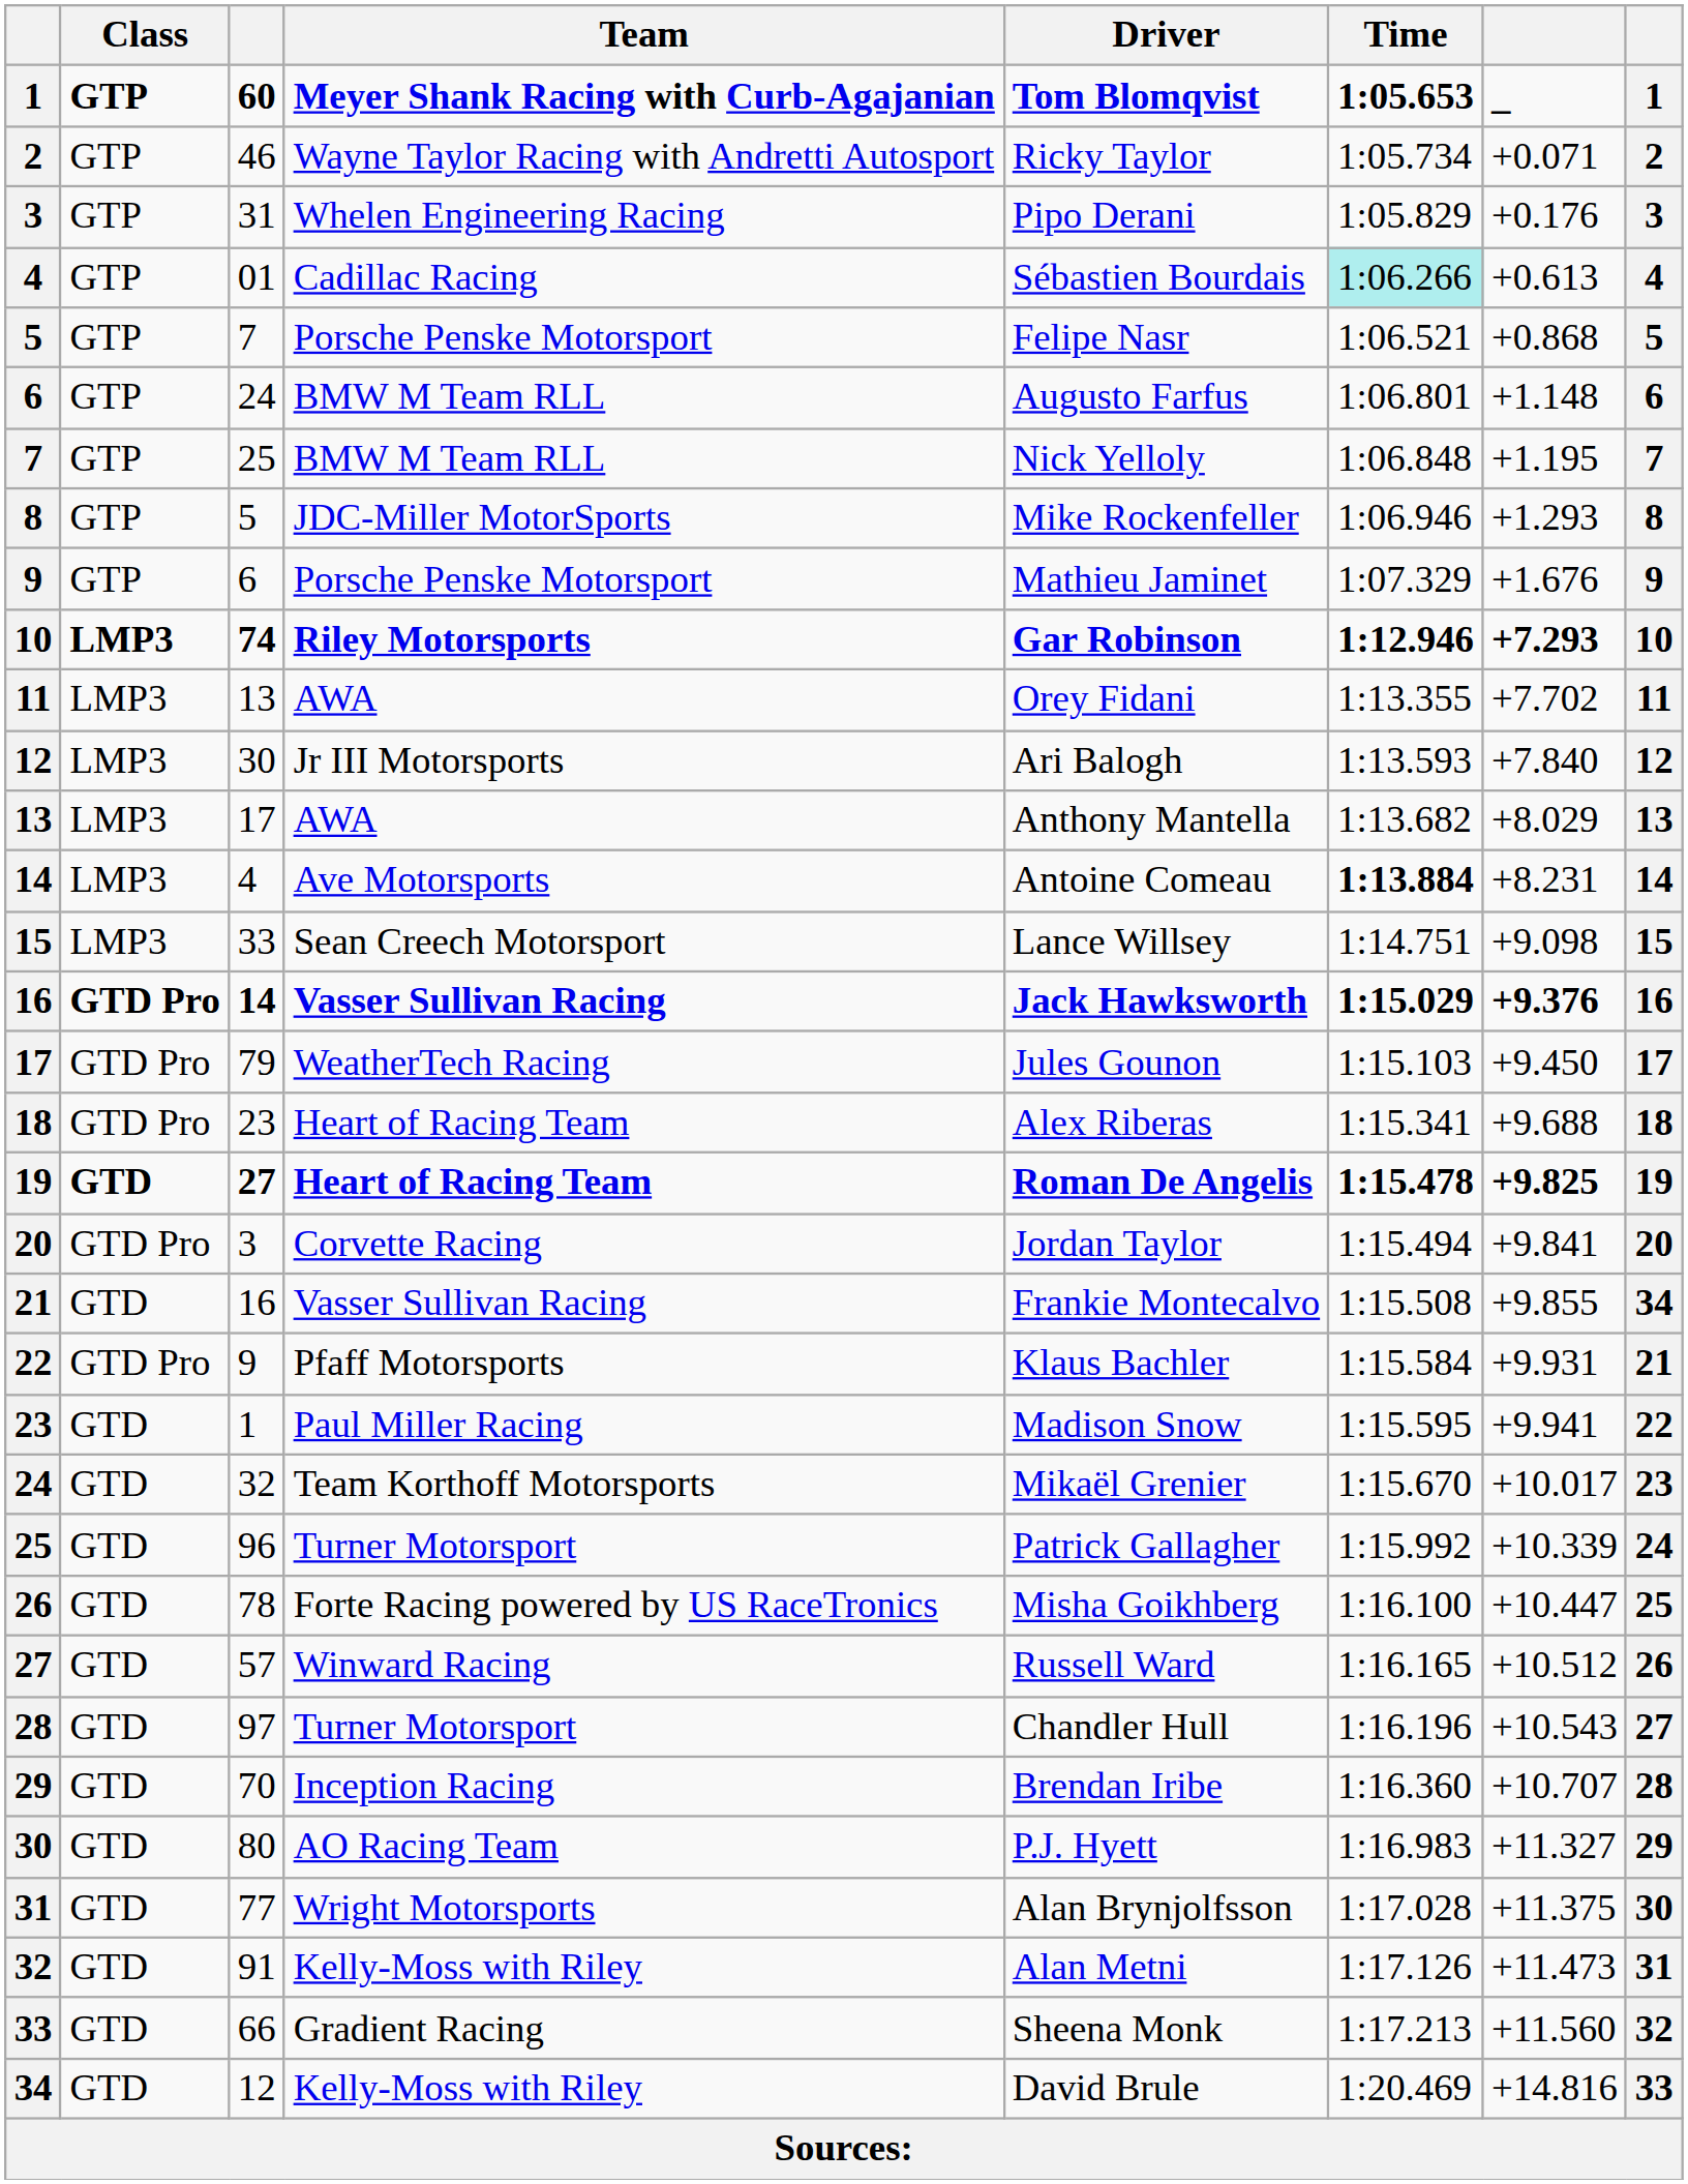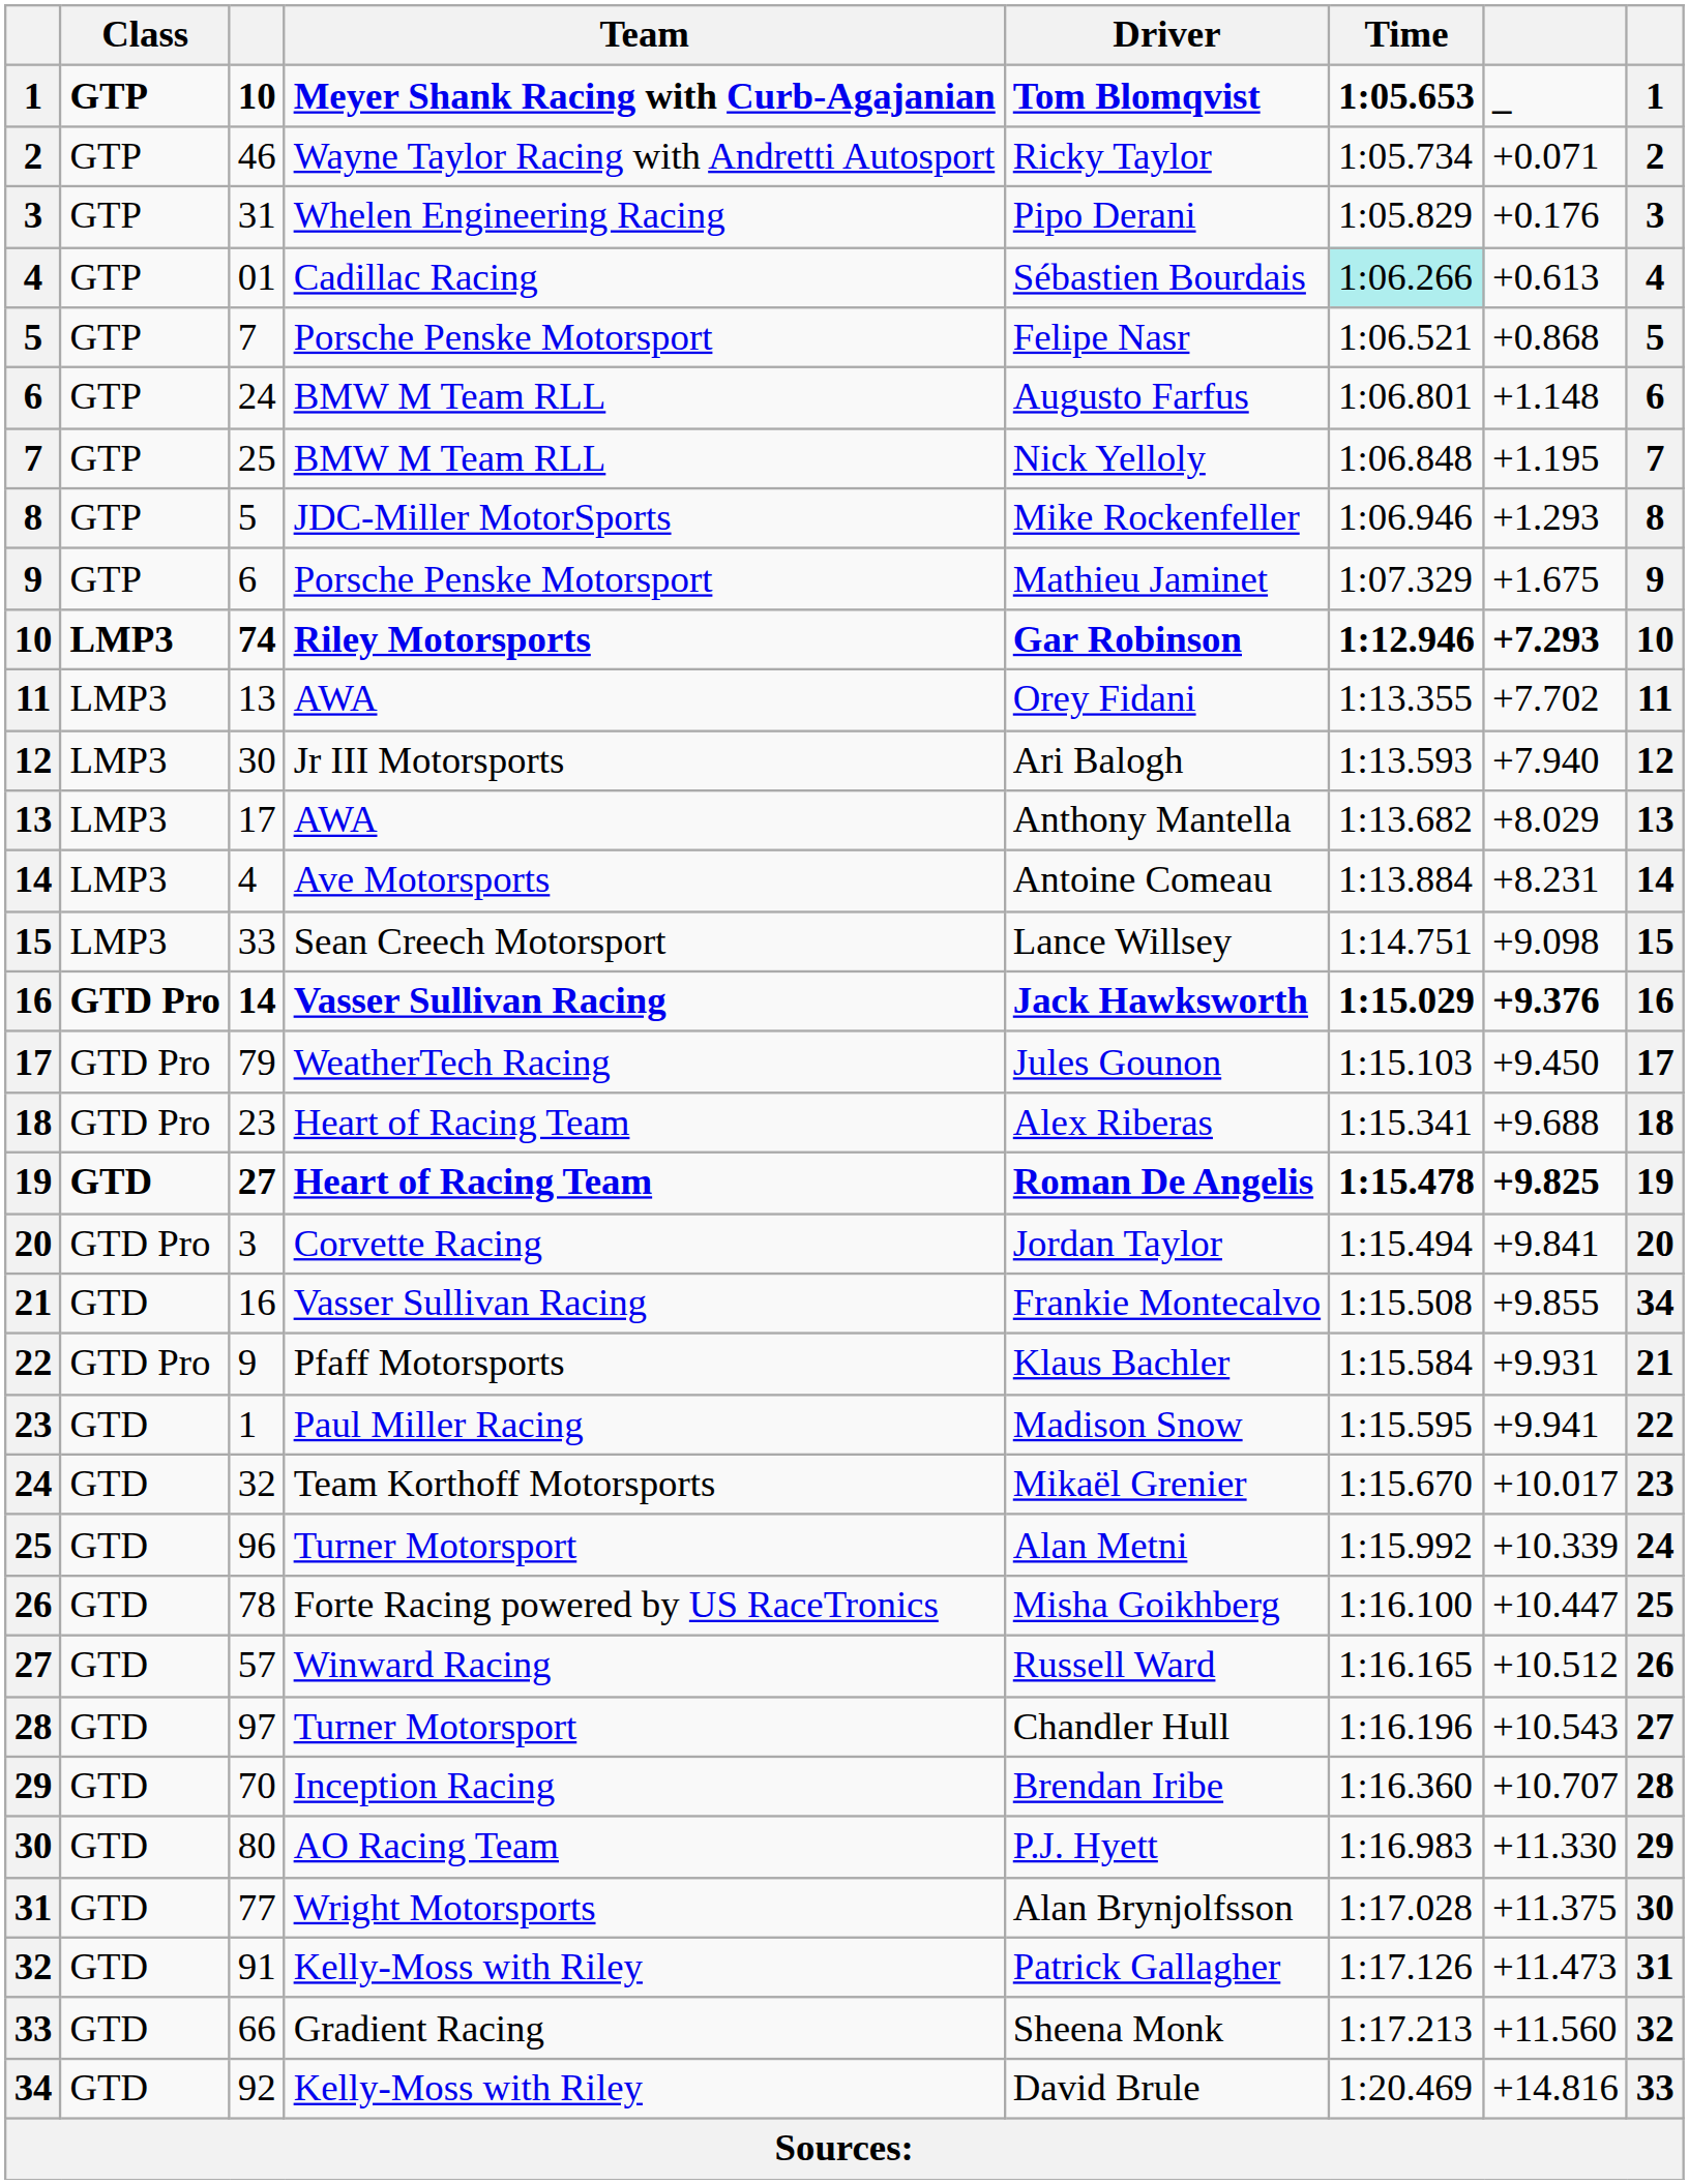 <table class="wikitable">
 <tr>
 <th scope="col"></th>
 <th scope="col">Class</th>
 <th scope="col"></th>
 <th scope="col">Team</th>
 <th scope="col">Driver</th>
 <th scope="col">Time</th>
 <th scope="col"></th>
 <th scope="col"></th>
 </tr>
 <tr>
 <th scope="row">1</th>
 <td><strong>GTP</strong></td>
-<td><strong>60</strong></td>
+<td><strong>10</strong></td>
 <td><strong> <a href='#'>Meyer Shank Racing</a> with <a href='#'>Curb-Agajanian</a></strong></td>
 <td><strong> <a href='#'>Tom Blomqvist</a></strong></td>
 <td><strong>1:05.653</strong></td>
 <td><strong>_</strong></td>
 <th><strong>1</strong></th>
 </tr>
 <tr>
 <th scope="row">2</th>
 <td>GTP</td>
 <td>46</td>
 <td> <a href='#'>Wayne Taylor Racing</a> with <a href='#'>Andretti Autosport</a></td>
 <td> <a href='#'>Ricky Taylor</a></td>
 <td>1:05.734</td>
 <td>+0.071</td>
 <th>2</th>
 </tr>
 <tr>
 <th scope="row">3</th>
 <td>GTP</td>
 <td>31</td>
 <td> <a href='#'>Whelen Engineering Racing</a></td>
 <td> <a href='#'>Pipo Derani</a></td>
 <td>1:05.829</td>
 <td>+0.176</td>
 <th>3</th>
 </tr>
 <tr>
 <th scope="row">4</th>
 <td>GTP</td>
 <td>01</td>
 <td> <a href='#'>Cadillac Racing</a></td>
 <td> <a href='#'>Sébastien Bourdais</a></td>
 <td style="background: paleturquoise;">1:06.266</td>
 <td>+0.613</td>
 <th>4</th>
 </tr>
 <tr>
 <th scope="row">5</th>
 <td>GTP</td>
 <td>7</td>
 <td> <a href='#'>Porsche Penske Motorsport</a></td>
 <td> <a href='#'>Felipe Nasr</a></td>
 <td>1:06.521</td>
 <td>+0.868</td>
 <th>5</th>
 </tr>
 <tr>
 <th scope="row">6</th>
 <td>GTP</td>
 <td>24</td>
 <td> <a href='#'>BMW M Team RLL</a></td>
 <td> <a href='#'>Augusto Farfus</a></td>
 <td>1:06.801</td>
 <td>+1.148</td>
 <th>6</th>
 </tr>
 <tr>
 <th scope="row">7</th>
 <td>GTP</td>
 <td>25</td>
 <td> <a href='#'>BMW M Team RLL</a></td>
 <td> <a href='#'>Nick Yelloly</a></td>
 <td>1:06.848</td>
 <td>+1.195</td>
 <th><strong>7</strong></th>
 </tr>
 <tr>
 <th scope="row">8</th>
 <td>GTP</td>
 <td>5</td>
 <td> <a href='#'>JDC-Miller MotorSports</a></td>
 <td> <a href='#'>Mike Rockenfeller</a></td>
 <td>1:06.946</td>
 <td>+1.293</td>
 <th>8</th>
 </tr>
 <tr>
 <th scope="row">9</th>
 <td>GTP</td>
 <td>6</td>
 <td> <a href='#'>Porsche Penske Motorsport</a></td>
 <td> <a href='#'>Mathieu Jaminet</a></td>
 <td>1:07.329</td>
-<td>+1.676</td>
+<td>+1.675</td>
 <th>9</th>
 </tr>
 <tr>
 <th scope="row">10</th>
 <td><strong>LMP3</strong></td>
 <td><strong>74</strong></td>
 <td><strong> <a href='#'>Riley Motorsports</a></strong></td>
 <td><strong> <a href='#'>Gar Robinson</a></strong></td>
 <td><strong>1:12.946</strong></td>
 <td><strong>+7.293</strong></td>
 <th><strong>10</strong></th>
 </tr>
 <tr>
 <th scope="row">11</th>
 <td>LMP3</td>
 <td>13</td>
 <td> <a href='#'>AWA</a></td>
 <td> <a href='#'>Orey Fidani</a></td>
 <td>1:13.355</td>
 <td>+7.702</td>
 <th>11</th>
 </tr>
 <tr>
 <th scope="row">12</th>
 <td>LMP3</td>
 <td>30</td>
 <td> Jr III Motorsports</td>
 <td> Ari Balogh</td>
 <td>1:13.593</td>
-<td>+7.840</td>
+<td>+7.940</td>
 <th>12</th>
 </tr>
 <tr>
 <th scope="row">13</th>
 <td>LMP3</td>
 <td>17</td>
 <td> <a href='#'>AWA</a></td>
 <td> Anthony Mantella</td>
 <td>1:13.682</td>
 <td>+8.029</td>
 <th>13</th>
 </tr>
 <tr>
 <th scope="row">14</th>
 <td>LMP3</td>
 <td>4</td>
 <td> <a href='#'>Ave Motorsports</a></td>
 <td> Antoine Comeau</td>
-<td><strong>1:13.884</strong></td>
+<td>1:13.884</td>
 <td>+8.231</td>
 <th>14</th>
 </tr>
 <tr>
 <th scope="row">15</th>
 <td>LMP3</td>
 <td>33</td>
 <td> Sean Creech Motorsport</td>
 <td> Lance Willsey</td>
 <td>1:14.751</td>
 <td>+9.098</td>
 <th>15</th>
 </tr>
 <tr>
 <th scope="row">16</th>
 <td><strong>GTD Pro</strong></td>
 <td><strong>14</strong></td>
 <td><strong> <a href='#'>Vasser Sullivan Racing</a></strong></td>
 <td><strong> <a href='#'>Jack Hawksworth</a></strong></td>
 <td><strong>1:15.029</strong></td>
 <td><strong>+9.376</strong></td>
 <th>16</th>
 </tr>
 <tr>
 <th scope="row">17</th>
 <td>GTD Pro</td>
 <td>79</td>
 <td> <a href='#'>WeatherTech Racing</a></td>
 <td> <a href='#'>Jules Gounon</a></td>
 <td>1:15.103</td>
 <td>+9.450</td>
 <th>17</th>
 </tr>
 <tr>
 <th scope="row">18</th>
 <td>GTD Pro</td>
 <td>23</td>
 <td> <a href='#'>Heart of Racing Team</a></td>
 <td> <a href='#'>Alex Riberas</a></td>
 <td>1:15.341</td>
 <td>+9.688</td>
 <th>18</th>
 </tr>
 <tr>
 <th scope="row">19</th>
 <td><strong>GTD</strong></td>
 <td><strong>27</strong></td>
 <td><strong> <a href='#'>Heart of Racing Team</a></strong></td>
 <td><strong> <a href='#'>Roman De Angelis</a></strong></td>
 <td><strong>1:15.478</strong></td>
 <td><strong>+9.825</strong></td>
 <th><strong>19</strong></th>
 </tr>
 <tr>
 <th scope="row">20</th>
 <td>GTD Pro</td>
 <td>3</td>
 <td> <a href='#'>Corvette Racing</a></td>
 <td> <a href='#'>Jordan Taylor</a></td>
 <td>1:15.494</td>
 <td>+9.841</td>
 <th>20</th>
 </tr>
 <tr>
 <th scope="row">21</th>
 <td>GTD</td>
 <td>16</td>
 <td> <a href='#'>Vasser Sullivan Racing</a></td>
 <td> <a href='#'>Frankie Montecalvo</a></td>
 <td>1:15.508</td>
 <td>+9.855</td>
 <th>34</th>
 </tr>
 <tr>
 <th scope="row">22</th>
 <td>GTD Pro</td>
 <td>9</td>
 <td> Pfaff Motorsports</td>
 <td> <a href='#'>Klaus Bachler</a></td>
 <td>1:15.584</td>
 <td>+9.931</td>
 <th>21</th>
 </tr>
 <tr>
 <th scope="row">23</th>
 <td>GTD</td>
 <td>1</td>
 <td> <a href='#'>Paul Miller Racing</a></td>
 <td> <a href='#'>Madison Snow</a></td>
 <td>1:15.595</td>
 <td>+9.941</td>
 <th>22</th>
 </tr>
 <tr>
 <th scope="row">24</th>
 <td>GTD</td>
 <td>32</td>
 <td> Team Korthoff Motorsports</td>
 <td> <a href='#'>Mikaël Grenier</a></td>
 <td>1:15.670</td>
 <td>+10.017</td>
 <th>23</th>
 </tr>
 <tr>
 <th scope="row">25</th>
 <td>GTD</td>
 <td>96</td>
 <td> <a href='#'>Turner Motorsport</a></td>
-<td> <a href='#'>Patrick Gallagher</a></td>
+<td> <a href='#'>Alan Metni</a></td>
 <td>1:15.992</td>
 <td>+10.339</td>
 <th>24</th>
 </tr>
 <tr>
 <th scope="row">26</th>
 <td>GTD</td>
 <td>78</td>
 <td> Forte Racing powered by <a href='#'>US RaceTronics</a></td>
 <td> <a href='#'>Misha Goikhberg</a></td>
 <td>1:16.100</td>
 <td>+10.447</td>
 <th>25</th>
 </tr>
 <tr>
 <th scope="row">27</th>
 <td>GTD</td>
 <td>57</td>
 <td> <a href='#'>Winward Racing</a></td>
 <td> <a href='#'>Russell Ward</a></td>
 <td>1:16.165</td>
 <td>+10.512</td>
 <th>26</th>
 </tr>
 <tr>
 <th scope="row">28</th>
 <td>GTD</td>
 <td>97</td>
 <td> <a href='#'>Turner Motorsport</a></td>
 <td> Chandler Hull</td>
 <td>1:16.196</td>
 <td>+10.543</td>
 <th>27</th>
 </tr>
 <tr>
 <th>29</th>
 <td>GTD</td>
 <td>70</td>
 <td> <a href='#'>Inception Racing</a></td>
 <td> <a href='#'>Brendan Iribe</a></td>
 <td>1:16.360</td>
 <td>+10.707</td>
 <th>28</th>
 </tr>
 <tr>
 <th>30</th>
 <td>GTD</td>
 <td>80</td>
 <td> <a href='#'>AO Racing Team</a></td>
 <td> <a href='#'>P.J. Hyett</a></td>
 <td>1:16.983</td>
-<td>+11.327</td>
+<td>+11.330</td>
 <th>29</th>
 </tr>
 <tr>
 <th>31</th>
 <td>GTD</td>
 <td>77</td>
 <td> <a href='#'>Wright Motorsports</a></td>
 <td> Alan Brynjolfsson</td>
 <td>1:17.028</td>
 <td>+11.375</td>
 <th>30</th>
 </tr>
 <tr>
 <th>32</th>
 <td>GTD</td>
 <td>91</td>
 <td> <a href='#'>Kelly-Moss with Riley</a></td>
-<td> <a href='#'>Alan Metni</a></td>
+<td> <a href='#'>Patrick Gallagher</a></td>
 <td>1:17.126</td>
 <td>+11.473</td>
 <th>31</th>
 </tr>
 <tr>
 <th>33</th>
 <td>GTD</td>
 <td>66</td>
 <td> Gradient Racing</td>
 <td> Sheena Monk</td>
 <td>1:17.213</td>
 <td>+11.560</td>
 <th>32</th>
 </tr>
 <tr>
 <th>34</th>
 <td>GTD</td>
-<td>12</td>
+<td>92</td>
 <td> <a href='#'>Kelly-Moss with Riley</a></td>
 <td> David Brule</td>
 <td>1:20.469</td>
 <td>+14.816</td>
 <th>33</th>
 </tr>
 <tr>
 <th colspan="8">Sources:</th>
 </tr>
 <tr>
 </tr>
 </table>
